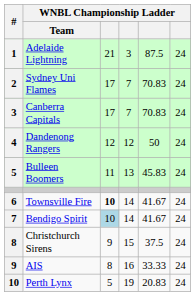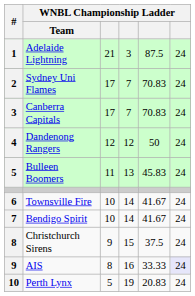 <table class="wikitable" width="43.5%" style="font-size:95%; text-align:center">
 <tr>
 <th width="5%" rowspan=2>#</th>
 <th colspan="6" align="center"><strong>WNBL Championship Ladder</strong></th>
 </tr>
 <tr>
 <th width="25%">Team</th>
 <th width="5%"></th>
 <th width="5%"></th>
 <th width="5%"></th>
 <th width="7.5%"></th>
 </tr>
 <tr style="background-color:#CCFFCC">
 <th>1</th>
 <td style="text-align:left;"><a href='#'>Adelaide Lightning</a></td>
 <td>21</td>
 <td>3</td>
 <td>87.5</td>
 <td>24</td>
 </tr>
 <tr style="background-color:#CCFFCC">
 <th>2</th>
 <td style="text-align:left;"><a href='#'>Sydney Uni Flames</a></td>
 <td>17</td>
 <td>7</td>
 <td>70.83</td>
 <td>24</td>
 </tr>
 <tr style="background-color:#CCFFCC">
 <th>3</th>
 <td style="text-align:left;"><a href='#'>Canberra Capitals</a></td>
 <td>17</td>
 <td>7</td>
 <td>70.83</td>
 <td>24</td>
 </tr>
 <tr style="background-color:#CCFFCC">
 <th>4</th>
 <td style="text-align:left;"><a href='#'>Dandenong Rangers</a></td>
 <td>12</td>
 <td>12</td>
 <td>50</td>
 <td>24</td>
 </tr>
 <tr style="background-color:#CCFFCC">
 <th>5</th>
 <td style="text-align:left;"><a href='#'>Bulleen Boomers</a></td>
 <td>11</td>
 <td>13</td>
 <td>45.83</td>
 <td>24</td>
 </tr>
 <tr style="background-color:#cccccc;">
 <td></td>
 <td></td>
 <td></td>
 <td></td>
 <td></td>
 <td></td>
 </tr>
 <tr>
 <th>6</th>
 <td style="text-align:left;"><a href='#'>Townsville Fire</a></td>
-<td><strong>10</strong></td>
+<td>10</td>
 <td>14</td>
 <td>41.67</td>
 <td>24</td>
 </tr>
 <tr>
 <th>7</th>
 <td style="text-align:left;"><a href='#'>Bendigo Spirit</a></td>
-<td style="background: lightblue;">10</td>
+<td>10</td>
 <td>14</td>
 <td>41.67</td>
 <td>24</td>
 </tr>
 <tr>
 <th>8</th>
 <td style="text-align:left;">Christchurch Sirens</td>
 <td>9</td>
 <td>15</td>
 <td>37.5</td>
 <td>24</td>
 </tr>
 <tr>
 <th>9</th>
 <td style="text-align:left;"><a href='#'>AIS</a></td>
 <td>8</td>
 <td>16</td>
 <td>33.33</td>
-<td>24</td>
+<td style="background: lavender;">24</td>
 </tr>
 <tr>
 <th>10</th>
 <td style="text-align:left;"><a href='#'>Perth Lynx</a></td>
 <td>5</td>
 <td>19</td>
 <td>20.83</td>
 <td>24</td>
 </tr>
 </table>
